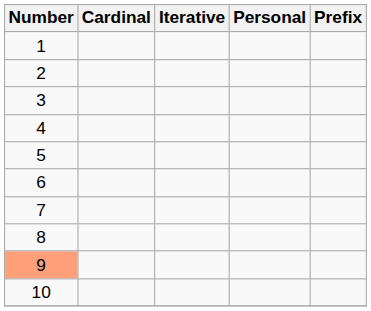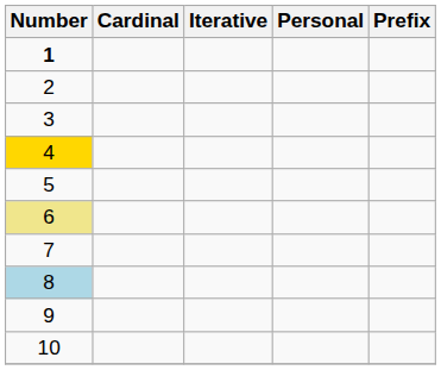 <table class="wikitable" style="text-align:center;">
 <tr>
 <th>Number</th>
 <th>Cardinal</th>
 <th>Iterative</th>
 <th>Personal</th>
 <th>Prefix</th>
 </tr>
 <tr>
-<td>1</td>
+<td><strong>1</strong></td>
 <td></td>
 <td></td>
 <td></td>
 <td></td>
 </tr>
 <tr>
 <td>2</td>
 <td></td>
 <td></td>
 <td></td>
 <td></td>
 </tr>
 <tr>
 <td>3</td>
 <td></td>
 <td></td>
 <td></td>
 <td></td>
 </tr>
 <tr>
-<td>4</td>
+<td style="background: gold;">4</td>
 <td></td>
 <td></td>
 <td></td>
 <td></td>
 </tr>
 <tr>
 <td>5</td>
 <td></td>
 <td></td>
 <td></td>
 <td></td>
 </tr>
 <tr>
-<td>6</td>
+<td style="background: khaki;">6</td>
 <td></td>
 <td></td>
 <td></td>
 <td></td>
 </tr>
 <tr>
 <td>7</td>
 <td></td>
 <td></td>
 <td></td>
 <td></td>
 </tr>
 <tr>
-<td>8</td>
+<td style="background: lightblue;">8</td>
 <td></td>
 <td></td>
 <td></td>
 <td></td>
 </tr>
 <tr>
-<td style="background: lightsalmon;">9</td>
+<td>9</td>
 <td></td>
 <td></td>
 <td></td>
 <td></td>
 </tr>
 <tr>
 <td>10</td>
 <td></td>
 <td></td>
 <td></td>
 <td></td>
 </tr>
 <tr>
 </tr>
 </table>
